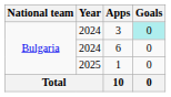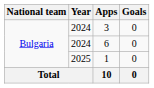 <table class="wikitable" style="text-align:center">
 <tr>
 <th>National team</th>
 <th>Year</th>
 <th>Apps</th>
 <th>Goals</th>
 </tr>
 <tr>
 <td rowspan="3"><a href='#'>Bulgaria</a></td>
 <td>2024</td>
 <td>3</td>
-<td style="background: paleturquoise;">0</td>
+<td>0</td>
 </tr>
 <tr>
 <td>2024</td>
 <td>6</td>
 <td>0</td>
 </tr>
 <tr>
 <td>2025</td>
 <td>1</td>
 <td>0</td>
 </tr>
 <tr>
 <th colspan="2">Total</th>
 <th>10</th>
 <th>0</th>
 </tr>
 </table>
